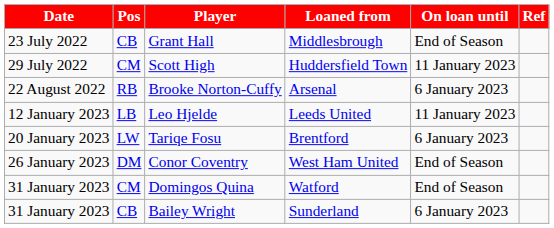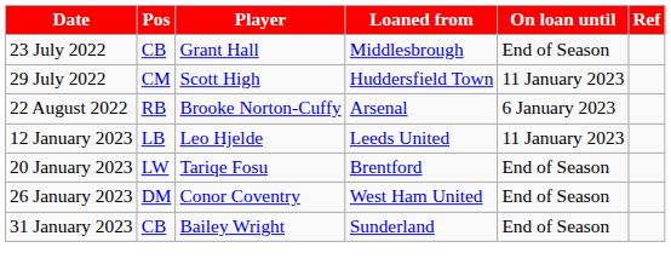 <table class="wikitable plainrowheaders sortable">
 <tr>
 <th style="background:#FF0000; color:#ffffff; ">Date</th>
 <th style="background:#FF0000; color:#ffffff; ">Pos</th>
 <th style="background:#FF0000; color:#ffffff; ">Player</th>
 <th style="background:#FF0000; color:#ffffff; ">Loaned from</th>
 <th style="background:#FF0000; color:#ffffff; ">On loan until</th>
 <th style="background:#FF0000; color:#ffffff; ">Ref</th>
 </tr>
 <tr>
 <td>23 July 2022</td>
 <td><a href='#'>CB</a></td>
 <td> <a href='#'>Grant Hall</a></td>
 <td> <a href='#'>Middlesbrough</a></td>
 <td>End of Season</td>
 <td></td>
 </tr>
 <tr>
 <td>29 July 2022</td>
 <td><a href='#'>CM</a></td>
 <td> <a href='#'>Scott High</a></td>
 <td> <a href='#'>Huddersfield Town</a></td>
 <td>11 January 2023</td>
 <td></td>
 </tr>
 <tr>
 <td>22 August 2022</td>
 <td><a href='#'>RB</a></td>
 <td> <a href='#'>Brooke Norton-Cuffy</a></td>
 <td> <a href='#'>Arsenal</a></td>
 <td>6 January 2023</td>
 <td></td>
 </tr>
 <tr>
 <td>12 January 2023</td>
 <td><a href='#'>LB</a></td>
 <td> <a href='#'>Leo Hjelde</a></td>
 <td> <a href='#'>Leeds United</a></td>
 <td>11 January 2023</td>
 <td></td>
 </tr>
 <tr>
 <td>20 January 2023</td>
 <td><a href='#'>LW</a></td>
 <td> <a href='#'>Tariqe Fosu</a></td>
 <td> <a href='#'>Brentford</a></td>
-<td>6 January 2023</td>
+<td>End of Season</td>
 <td></td>
 </tr>
 <tr>
 <td>26 January 2023</td>
 <td><a href='#'>DM</a></td>
 <td> <a href='#'>Conor Coventry</a></td>
 <td> <a href='#'>West Ham United</a></td>
 <td>End of Season</td>
 <td></td>
 </tr>
 <tr>
 <td>31 January 2023</td>
-<td><a href='#'>CM</a></td>
-<td> <a href='#'>Domingos Quina</a></td>
-<td> <a href='#'>Watford</a></td>
+<td><a href='#'>CB</a></td>
+<td> <a href='#'>Bailey Wright</a></td>
+<td> <a href='#'>Sunderland</a></td>
 <td>End of Season</td>
 <td></td>
 </tr>
-<tr>
-<td>31 January 2023</td>
-<td><a href='#'>CB</a></td>
-<td> <a href='#'>Bailey Wright</a></td>
-<td> <a href='#'>Sunderland</a></td>
-<td>6 January 2023</td>
-<td></td>
-</tr>
 </table>
